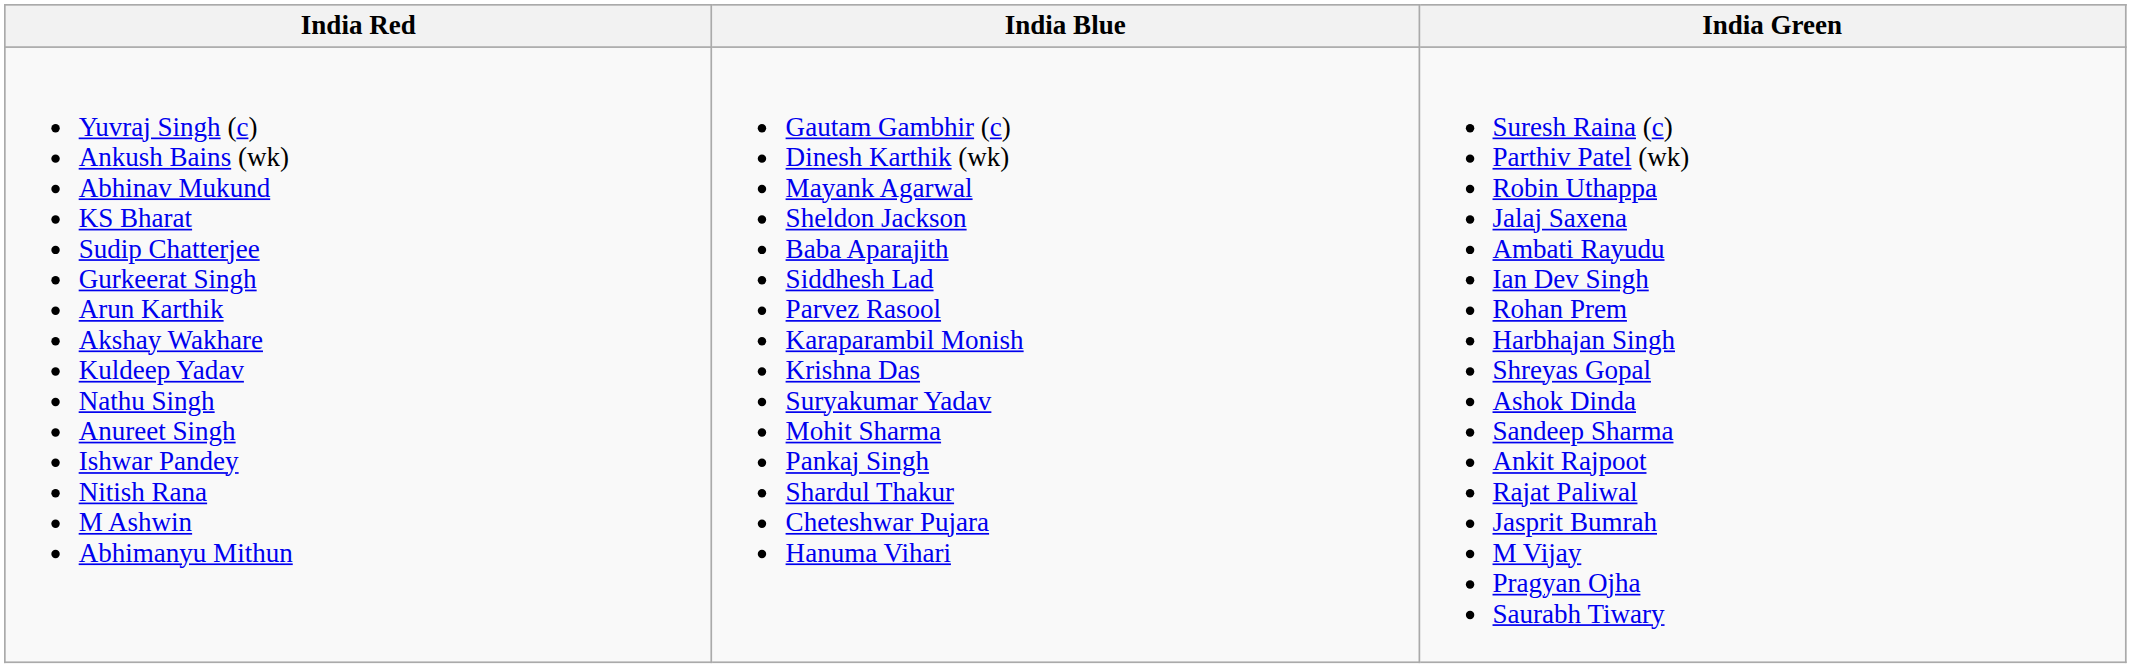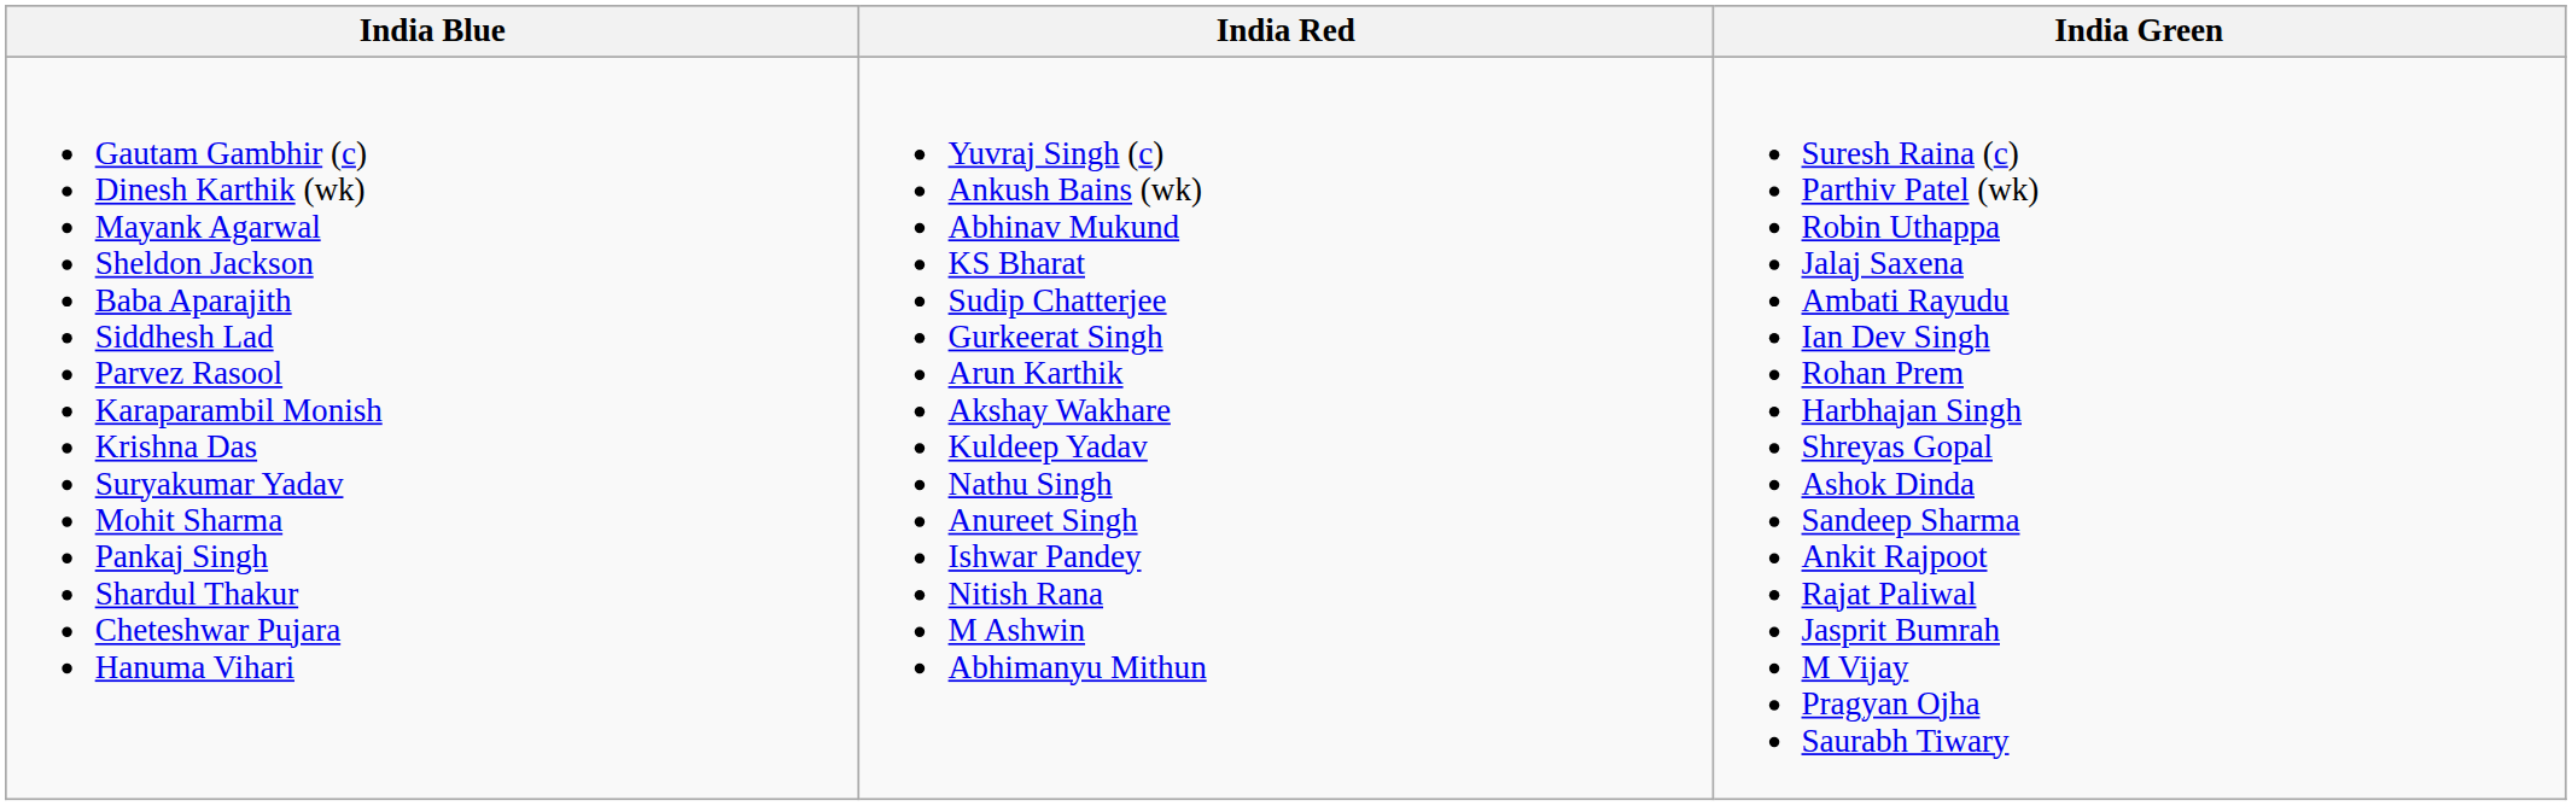 <table class="wikitable">
 <tr>
+<th style="width:15%;">India Blue</th>
 <th style="width:15%;">India Red</th>
-<th style="width:15%;">India Blue</th>
 <th style="width:15%;">India Green</th>
 </tr>
 <tr style="vertical-align:top">
+<td><br><ul><li><a href='#'>Gautam Gambhir</a> (<a href='#'>c</a>)</li><li><a href='#'>Dinesh Karthik</a> (wk)</li><li><a href='#'>Mayank Agarwal</a></li><li><a href='#'>Sheldon Jackson</a></li><li><a href='#'>Baba Aparajith</a></li><li><a href='#'>Siddhesh Lad</a></li><li><a href='#'>Parvez Rasool</a></li><li><a href='#'>Karaparambil Monish</a></li><li><a href='#'>Krishna Das</a></li><li><a href='#'>Suryakumar Yadav</a></li><li><a href='#'>Mohit Sharma</a></li><li><a href='#'>Pankaj Singh</a></li><li><a href='#'>Shardul Thakur</a></li><li><a href='#'>Cheteshwar Pujara</a></li><li><a href='#'>Hanuma Vihari</a></li></ul></td>
 <td><br><ul><li><a href='#'>Yuvraj Singh</a> (<a href='#'>c</a>)</li><li><a href='#'>Ankush Bains</a> (wk)</li><li><a href='#'>Abhinav Mukund</a></li><li><a href='#'>KS Bharat</a></li><li><a href='#'>Sudip Chatterjee</a></li><li><a href='#'>Gurkeerat Singh</a></li><li><a href='#'>Arun Karthik</a></li><li><a href='#'>Akshay Wakhare</a></li><li><a href='#'>Kuldeep Yadav</a></li><li><a href='#'>Nathu Singh</a></li><li><a href='#'>Anureet Singh</a></li><li><a href='#'>Ishwar Pandey</a></li><li><a href='#'>Nitish Rana</a></li><li><a href='#'>M Ashwin</a></li><li><a href='#'>Abhimanyu Mithun</a></li></ul></td>
-<td><br><ul><li><a href='#'>Gautam Gambhir</a> (<a href='#'>c</a>)</li><li><a href='#'>Dinesh Karthik</a> (wk)</li><li><a href='#'>Mayank Agarwal</a></li><li><a href='#'>Sheldon Jackson</a></li><li><a href='#'>Baba Aparajith</a></li><li><a href='#'>Siddhesh Lad</a></li><li><a href='#'>Parvez Rasool</a></li><li><a href='#'>Karaparambil Monish</a></li><li><a href='#'>Krishna Das</a></li><li><a href='#'>Suryakumar Yadav</a></li><li><a href='#'>Mohit Sharma</a></li><li><a href='#'>Pankaj Singh</a></li><li><a href='#'>Shardul Thakur</a></li><li><a href='#'>Cheteshwar Pujara</a></li><li><a href='#'>Hanuma Vihari</a></li></ul></td>
 <td><br><ul><li><a href='#'>Suresh Raina</a> (<a href='#'>c</a>)</li><li><a href='#'>Parthiv Patel</a> (wk)</li><li><a href='#'>Robin Uthappa</a></li><li><a href='#'>Jalaj Saxena</a></li><li><a href='#'>Ambati Rayudu</a></li><li><a href='#'>Ian Dev Singh</a></li><li><a href='#'>Rohan Prem</a></li><li><a href='#'>Harbhajan Singh</a></li><li><a href='#'>Shreyas Gopal</a></li><li><a href='#'>Ashok Dinda</a></li><li><a href='#'>Sandeep Sharma</a></li><li><a href='#'>Ankit Rajpoot</a></li><li><a href='#'>Rajat Paliwal</a></li><li><a href='#'>Jasprit Bumrah</a></li><li><a href='#'>M Vijay</a></li><li><a href='#'>Pragyan Ojha</a></li><li><a href='#'>Saurabh Tiwary</a></li></ul></td>
 </tr>
 </table>
